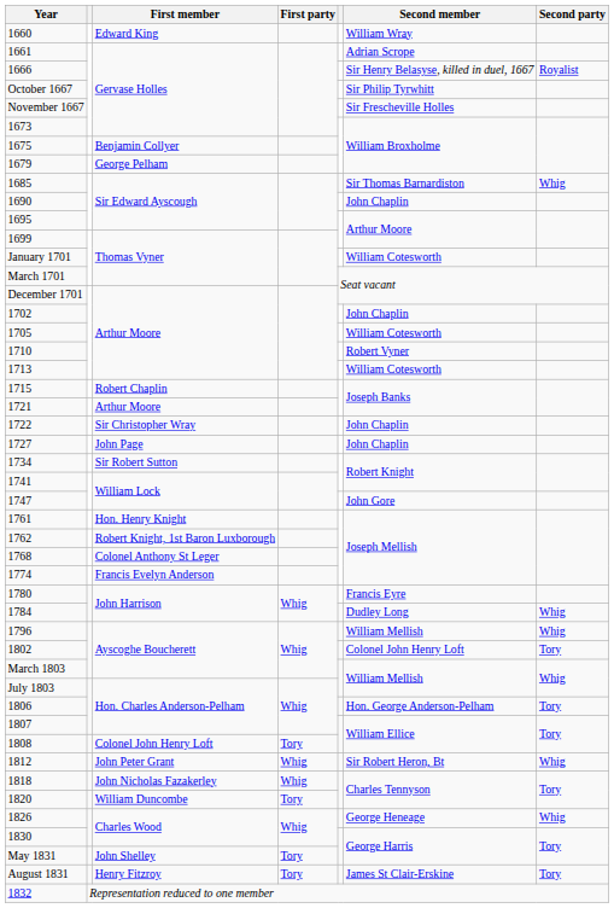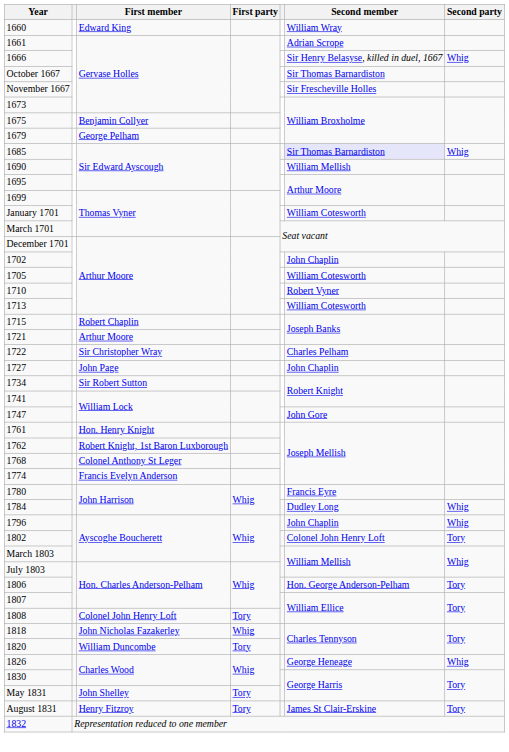 <table class="wikitable">
 <tr>
 <th>Year</th>
 <th></th>
 <th>First member</th>
 <th>First party</th>
 <th></th>
 <th>Second member</th>
 <th>Second party</th>
 </tr>
 <tr>
 <td>1660</td>
 <td style="color:inherit;background-color: white"></td>
 <td><a href='#'>Edward King</a></td>
 <td></td>
 <td style="color:inherit;background-color: white"></td>
 <td><a href='#'>William Wray</a></td>
 <td></td>
 </tr>
 <tr>
 <td>1661</td>
 <td rowspan="5" style="color:inherit;background-color: white"></td>
 <td rowspan="5"><a href='#'>Gervase Holles</a></td>
 <td rowspan="5"></td>
 <td style="color:inherit;background-color: white"></td>
 <td><a href='#'>Adrian Scrope</a></td>
 <td></td>
 </tr>
 <tr>
 <td>1666</td>
 <td style="color:inherit;background-color: white"></td>
 <td><a href='#'>Sir Henry Belasyse</a>, <em>killed in duel, 1667</em></td>
-<td><a href='#'>Royalist</a></td>
+<td> <a href='#'>Whig</a></td>
 </tr>
 <tr>
 <td>October 1667</td>
 <td style="color:inherit;background-color: white"></td>
-<td><a href='#'>Sir Philip Tyrwhitt</a></td>
+<td><a href='#'>Sir Thomas Barnardiston</a></td>
 <td></td>
 </tr>
 <tr>
 <td>November 1667</td>
 <td style="color:inherit;background-color: white"></td>
 <td><a href='#'>Sir Frescheville Holles</a></td>
 <td></td>
 </tr>
 <tr>
 <td>1673</td>
 <td rowspan="3" style="color:inherit;background-color: white"></td>
 <td rowspan="3"><a href='#'>William Broxholme</a></td>
 <td rowspan="3"></td>
 </tr>
 <tr>
 <td>1675</td>
 <td style="color:inherit;background-color: white"></td>
 <td><a href='#'>Benjamin Collyer</a></td>
 <td></td>
 </tr>
 <tr>
 <td>1679</td>
 <td style="color:inherit;background-color: white"></td>
 <td><a href='#'>George Pelham</a></td>
 <td></td>
 </tr>
 <tr>
 <td>1685</td>
 <td rowspan="3" style="color:inherit;background-color: white"></td>
 <td rowspan="3"><a href='#'>Sir Edward Ayscough</a></td>
 <td rowspan="3"></td>
 <td style="color:inherit;background-color: "></td>
-<td><a href='#'>Sir Thomas Barnardiston</a></td>
+<td style="background: lavender;"><a href='#'>Sir Thomas Barnardiston</a></td>
 <td> <a href='#'>Whig</a></td>
 </tr>
 <tr>
 <td>1690</td>
 <td style="color:inherit;background-color: white"></td>
-<td><a href='#'>John Chaplin</a></td>
+<td><a href='#'>William Mellish</a></td>
 <td></td>
 </tr>
 <tr>
 <td>1695</td>
 <td rowspan="2" style="color:inherit;background-color: white"></td>
 <td rowspan="2"><a href='#'>Arthur Moore</a></td>
 <td rowspan="2"></td>
 </tr>
 <tr>
 <td>1699</td>
 <td rowspan="3" style="color:inherit;background-color: white"></td>
 <td rowspan="3"><a href='#'>Thomas Vyner</a></td>
 <td rowspan="3"></td>
 </tr>
 <tr>
 <td>January 1701</td>
 <td style="color:inherit;background-color: white"></td>
 <td><a href='#'>William Cotesworth</a></td>
 <td></td>
 </tr>
 <tr>
 <td>March 1701</td>
 <td colspan="3" rowspan="2"><em>Seat vacant</em></td>
 </tr>
 <tr>
 <td>December 1701</td>
 <td rowspan="5" style="color:inherit;background-color: white"></td>
 <td rowspan="5"><a href='#'>Arthur Moore</a></td>
 <td rowspan="5"></td>
 </tr>
 <tr>
 <td>1702</td>
 <td style="color:inherit;background-color: white"></td>
 <td><a href='#'>John Chaplin</a></td>
 <td></td>
 </tr>
 <tr>
 <td>1705</td>
 <td style="color:inherit;background-color: white"></td>
 <td><a href='#'>William Cotesworth</a></td>
 <td></td>
 </tr>
 <tr>
 <td>1710</td>
 <td style="color:inherit;background-color: white"></td>
 <td><a href='#'>Robert Vyner</a></td>
 <td></td>
 </tr>
 <tr>
 <td>1713</td>
 <td style="color:inherit;background-color: white"></td>
 <td><a href='#'>William Cotesworth</a></td>
 <td></td>
 </tr>
 <tr>
 <td>1715</td>
 <td style="color:inherit;background-color: white"></td>
 <td><a href='#'>Robert Chaplin</a></td>
 <td></td>
 <td rowspan="2" style="color:inherit;background-color: white"></td>
 <td rowspan="2"><a href='#'>Joseph Banks</a></td>
 <td rowspan="2"></td>
 </tr>
 <tr>
 <td>1721</td>
 <td style="color:inherit;background-color: white"></td>
 <td><a href='#'>Arthur Moore</a></td>
 <td></td>
 </tr>
 <tr>
 <td>1722</td>
 <td style="color:inherit;background-color: white"></td>
 <td><a href='#'>Sir Christopher Wray</a></td>
 <td></td>
 <td style="color:inherit;background-color: white"></td>
-<td><a href='#'>John Chaplin</a></td>
+<td><a href='#'>Charles Pelham</a></td>
 <td></td>
 </tr>
 <tr>
 <td>1727</td>
 <td style="color:inherit;background-color: white"></td>
 <td><a href='#'>John Page</a></td>
 <td></td>
 <td style="color:inherit;background-color: white"></td>
 <td><a href='#'>John Chaplin</a></td>
 <td></td>
 </tr>
 <tr>
 <td>1734</td>
 <td style="color:inherit;background-color: white"></td>
 <td><a href='#'>Sir Robert Sutton</a></td>
 <td></td>
 <td rowspan="2" style="color:inherit;background-color: white"></td>
 <td rowspan="2"><a href='#'>Robert Knight</a></td>
 <td rowspan="2"></td>
 </tr>
 <tr>
 <td>1741</td>
 <td rowspan="2" style="color:inherit;background-color: white"></td>
 <td rowspan="2"><a href='#'>William Lock</a></td>
 <td rowspan="2"></td>
 </tr>
 <tr>
 <td>1747</td>
 <td style="color:inherit;background-color: white"></td>
 <td><a href='#'>John Gore</a></td>
 <td></td>
 </tr>
 <tr>
 <td>1761</td>
 <td style="color:inherit;background-color: white"></td>
 <td><a href='#'>Hon. Henry Knight</a></td>
 <td></td>
 <td rowspan="4" style="color:inherit;background-color: white"></td>
 <td rowspan="4"><a href='#'>Joseph Mellish</a></td>
 <td rowspan="4"></td>
 </tr>
 <tr>
 <td>1762</td>
 <td style="color:inherit;background-color: white"></td>
 <td><a href='#'>Robert Knight, 1st Baron Luxborough</a></td>
 <td></td>
 </tr>
 <tr>
 <td>1768</td>
 <td style="color:inherit;background-color: white"></td>
 <td><a href='#'>Colonel Anthony St Leger</a></td>
 <td></td>
 </tr>
 <tr>
 <td>1774</td>
 <td style="color:inherit;background-color: white"></td>
 <td><a href='#'>Francis Evelyn Anderson</a></td>
 <td></td>
 </tr>
 <tr>
 <td>1780</td>
 <td rowspan="2" style="color:inherit;background-color: "></td>
 <td rowspan="2"><a href='#'>John Harrison</a></td>
 <td rowspan="2"><a href='#'>Whig</a></td>
 <td style="color:inherit;background-color: white"></td>
 <td><a href='#'>Francis Eyre</a></td>
 <td></td>
 </tr>
 <tr>
 <td>1784</td>
 <td style="color:inherit;background-color: "></td>
 <td><a href='#'>Dudley Long</a></td>
 <td><a href='#'>Whig</a></td>
 </tr>
 <tr>
 <td>1796</td>
 <td rowspan="3" style="color:inherit;background-color: "></td>
 <td rowspan="3"><a href='#'>Ayscoghe Boucherett</a></td>
 <td rowspan="3"><a href='#'>Whig</a></td>
 <td style="color:inherit;background-color: "></td>
-<td><a href='#'>William Mellish</a></td>
+<td><a href='#'>John Chaplin</a></td>
 <td><a href='#'>Whig</a></td>
 </tr>
 <tr>
 <td>1802</td>
 <td style="color:inherit;background-color: "></td>
 <td><a href='#'>Colonel John Henry Loft</a></td>
 <td><a href='#'>Tory</a></td>
 </tr>
 <tr>
 <td>March 1803</td>
 <td rowspan="2" style="color:inherit;background-color: "></td>
 <td rowspan="2"><a href='#'>William Mellish</a></td>
 <td rowspan="2"><a href='#'>Whig</a></td>
 </tr>
 <tr>
 <td>July 1803</td>
 <td rowspan="3" style="color:inherit;background-color: "></td>
 <td rowspan="3"><a href='#'>Hon. Charles Anderson-Pelham</a></td>
 <td rowspan="3"><a href='#'>Whig</a></td>
 </tr>
 <tr>
 <td>1806</td>
 <td style="color:inherit;background-color: "></td>
 <td><a href='#'>Hon. George Anderson-Pelham</a></td>
 <td><a href='#'>Tory</a></td>
 </tr>
 <tr>
 <td>1807</td>
 <td rowspan="2" style="color:inherit;background-color: "></td>
 <td rowspan="2"><a href='#'>William Ellice</a></td>
 <td rowspan="2"><a href='#'>Tory</a></td>
 </tr>
 <tr>
 <td>1808</td>
 <td style="color:inherit;background-color: "></td>
 <td><a href='#'>Colonel John Henry Loft</a></td>
 <td><a href='#'>Tory</a></td>
-</tr>
-<tr>
-<td>1812</td>
-<td style="color:inherit;background-color: "></td>
-<td><a href='#'>John Peter Grant</a></td>
-<td><a href='#'>Whig</a></td>
-<td style="color:inherit;background-color: "></td>
-<td><a href='#'>Sir Robert Heron, Bt</a></td>
-<td><a href='#'>Whig</a></td>
 </tr>
 <tr>
 <td>1818</td>
 <td style="color:inherit;background-color: "></td>
 <td><a href='#'>John Nicholas Fazakerley</a></td>
 <td><a href='#'>Whig</a></td>
 <td rowspan="2" style="color:inherit;background-color: "></td>
 <td rowspan="2"><a href='#'>Charles Tennyson</a></td>
 <td rowspan="2"><a href='#'>Tory</a></td>
 </tr>
 <tr>
 <td>1820</td>
 <td style="color:inherit;background-color: "></td>
 <td><a href='#'>William Duncombe</a></td>
 <td><a href='#'>Tory</a></td>
 </tr>
 <tr>
 <td>1826</td>
 <td rowspan="2" style="color:inherit;background-color: "></td>
 <td rowspan="2"><a href='#'>Charles Wood</a></td>
 <td rowspan="2"><a href='#'>Whig</a></td>
 <td style="color:inherit;background-color: "></td>
 <td><a href='#'>George Heneage</a></td>
 <td><a href='#'>Whig</a></td>
 </tr>
 <tr>
 <td>1830</td>
 <td rowspan="2" style="color:inherit;background-color: "></td>
 <td rowspan="2"><a href='#'>George Harris</a></td>
 <td rowspan="2"><a href='#'>Tory</a></td>
 </tr>
 <tr>
 <td>May 1831</td>
 <td style="color:inherit;background-color: "></td>
 <td><a href='#'>John Shelley</a></td>
 <td><a href='#'>Tory</a></td>
 </tr>
 <tr>
 <td>August 1831</td>
 <td style="color:inherit;background-color: "></td>
 <td><a href='#'>Henry Fitzroy</a></td>
 <td><a href='#'>Tory</a></td>
 <td style="color:inherit;background-color: "></td>
 <td><a href='#'>James St Clair-Erskine</a></td>
 <td><a href='#'>Tory</a></td>
 </tr>
 <tr>
 <td><a href='#'>1832</a></td>
 <td colspan="6"><em>Representation reduced to one member</em></td>
 </tr>
 </table>
